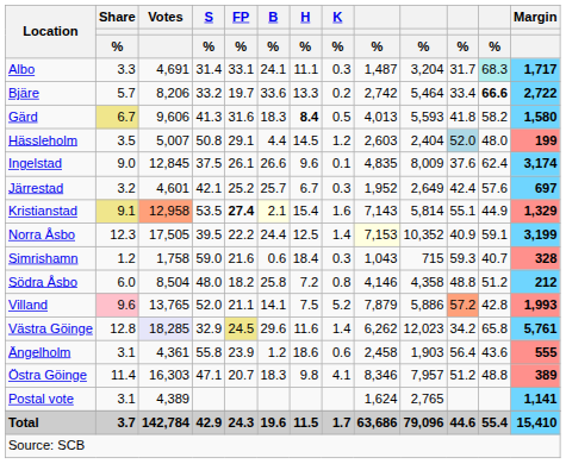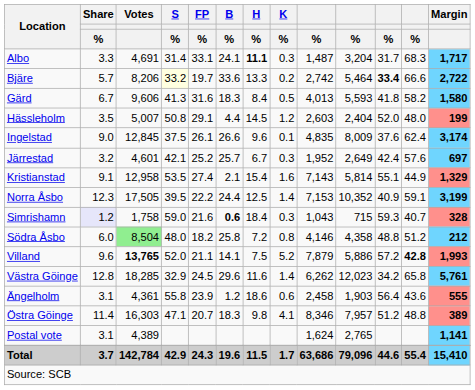 <table class="wikitable sortable" style="text-align:right; font-size:95%; line-height:20px;">
 <tr>
 <th rowspan="3">Location</th>
 <th>Share</th>
 <th>Votes</th>
 <th width="30px" class="unsortable"><a href='#'>S</a></th>
 <th width="30px" class="unsortable"><a href='#'>FP</a></th>
 <th width="30px" class="unsortable"><a href='#'>B</a></th>
 <th width="30px" class="unsortable"><a href='#'>H</a></th>
 <th width="30px" class="unsortable"><a href='#'>K</a></th>
 <th></th>
 <th></th>
 <th></th>
 <th></th>
 <th>Margin</th>
 </tr>
 <tr>
 <th></th>
 <th></th>
 <th style="background:"></th>
 <th style="background:"></th>
 <th style="background:"></th>
 <th style="background:"></th>
 <th style="background:"></th>
 <th style="background:"></th>
 <th style="background:"></th>
 <th style="background:"></th>
 <th style="background:"></th>
 <th></th>
 </tr>
 <tr>
 <th data-sort-type="number">%</th>
 <th></th>
 <th data-sort-type="number">%</th>
 <th data-sort-type="number">%</th>
 <th data-sort-type="number">%</th>
 <th data-sort-type="number">%</th>
 <th data-sort-type="number">%</th>
 <th data-sort-type="number">%</th>
 <th data-sort-type="number">%</th>
 <th data-sort-type="number">%</th>
 <th data-sort-type="number">%</th>
 <th data-sort-type="number"></th>
 </tr>
 <tr>
 <td align=left><a href='#'>Albo</a></td>
 <td>3.3</td>
 <td>4,691</td>
 <td>31.4</td>
 <td>33.1</td>
 <td>24.1</td>
-<td>11.1</td>
+<td><strong>11.1</strong></td>
 <td>0.3</td>
 <td>1,487</td>
 <td>3,204</td>
 <td>31.7</td>
-<td style="background: paleturquoise;">68.3</td>
+<td>68.3</td>
 <td bgcolor=#6fd5fe><strong>1,717</strong></td>
 </tr>
 <tr>
 <td align=left><a href='#'>Bjäre</a></td>
 <td>5.7</td>
 <td>8,206</td>
-<td>33.2</td>
+<td style="background: lightyellow;">33.2</td>
 <td>19.7</td>
 <td>33.6</td>
 <td>13.3</td>
 <td>0.2</td>
 <td>2,742</td>
 <td>5,464</td>
-<td>33.4</td>
-<td><strong>66.6</strong></td>
+<td><strong>33.4</strong></td>
+<td>66.6</td>
 <td bgcolor=#6fd5fe><strong>2,722</strong></td>
 </tr>
 <tr>
 <td align=left><a href='#'>Gärd</a></td>
-<td style="background: khaki;">6.7</td>
+<td>6.7</td>
 <td>9,606</td>
 <td>41.3</td>
 <td>31.6</td>
 <td>18.3</td>
-<td><strong>8.4</strong></td>
+<td>8.4</td>
 <td>0.5</td>
 <td>4,013</td>
 <td>5,593</td>
 <td>41.8</td>
 <td>58.2</td>
 <td bgcolor=#6fd5fe><strong>1,580</strong></td>
 </tr>
 <tr>
 <td align=left><a href='#'>Hässleholm</a></td>
 <td>3.5</td>
 <td>5,007</td>
 <td>50.8</td>
 <td>29.1</td>
 <td>4.4</td>
 <td>14.5</td>
 <td>1.2</td>
 <td>2,603</td>
 <td>2,404</td>
-<td style="background: lightblue;">52.0</td>
+<td>52.0</td>
 <td>48.0</td>
 <td bgcolor=#ff908c><strong>199</strong></td>
 </tr>
 <tr>
 <td align=left><a href='#'>Ingelstad</a></td>
 <td>9.0</td>
 <td>12,845</td>
 <td>37.5</td>
 <td>26.1</td>
 <td>26.6</td>
 <td>9.6</td>
 <td>0.1</td>
 <td>4,835</td>
 <td>8,009</td>
 <td>37.6</td>
 <td>62.4</td>
 <td bgcolor=#6fd5fe><strong>3,174</strong></td>
 </tr>
 <tr>
 <td align=left><a href='#'>Järrestad</a></td>
 <td>3.2</td>
 <td>4,601</td>
 <td>42.1</td>
 <td>25.2</td>
 <td>25.7</td>
 <td>6.7</td>
 <td>0.3</td>
 <td>1,952</td>
 <td>2,649</td>
 <td>42.4</td>
 <td>57.6</td>
 <td bgcolor=#6fd5fe><strong>697</strong></td>
 </tr>
 <tr>
 <td align=left><a href='#'>Kristianstad</a></td>
-<td style="background: khaki;">9.1</td>
-<td style="background: lightsalmon;">12,958</td>
+<td>9.1</td>
+<td>12,958</td>
 <td>53.5</td>
-<td><strong>27.4</strong></td>
-<td style="background: lightyellow;">2.1</td>
+<td>27.4</td>
+<td>2.1</td>
 <td>15.4</td>
 <td>1.6</td>
 <td>7,143</td>
 <td>5,814</td>
 <td>55.1</td>
 <td>44.9</td>
 <td bgcolor=#ff908c><strong>1,329</strong></td>
 </tr>
 <tr>
 <td align=left><a href='#'>Norra Åsbo</a></td>
 <td>12.3</td>
 <td>17,505</td>
 <td>39.5</td>
 <td>22.2</td>
 <td>24.4</td>
 <td>12.5</td>
 <td>1.4</td>
-<td style="background: lightyellow;">7,153</td>
+<td>7,153</td>
 <td>10,352</td>
 <td>40.9</td>
 <td>59.1</td>
 <td bgcolor=#6fd5fe><strong>3,199</strong></td>
 </tr>
 <tr>
 <td align=left><a href='#'>Simrishamn</a></td>
-<td>1.2</td>
+<td style="background: lavender;">1.2</td>
 <td>1,758</td>
 <td>59.0</td>
 <td>21.6</td>
-<td>0.6</td>
+<td><strong>0.6</strong></td>
 <td>18.4</td>
 <td>0.3</td>
 <td>1,043</td>
 <td>715</td>
 <td>59.3</td>
 <td>40.7</td>
 <td bgcolor=#ff908c><strong>328</strong></td>
 </tr>
 <tr>
 <td align=left><a href='#'>Södra Åsbo</a></td>
 <td>6.0</td>
-<td>8,504</td>
+<td style="background: lightgreen;">8,504</td>
 <td>48.0</td>
 <td>18.2</td>
 <td>25.8</td>
 <td>7.2</td>
 <td>0.8</td>
 <td>4,146</td>
 <td>4,358</td>
 <td>48.8</td>
 <td>51.2</td>
 <td bgcolor=#6fd5fe><strong>212</strong></td>
 </tr>
 <tr>
 <td align=left><a href='#'>Villand</a></td>
-<td style="background: pink;">9.6</td>
-<td>13,765</td>
+<td>9.6</td>
+<td><strong>13,765</strong></td>
 <td>52.0</td>
 <td>21.1</td>
 <td>14.1</td>
 <td>7.5</td>
 <td>5.2</td>
 <td>7,879</td>
 <td>5,886</td>
-<td style="background: lightsalmon;">57.2</td>
-<td>42.8</td>
+<td>57.2</td>
+<td><strong>42.8</strong></td>
 <td bgcolor=#ff908c><strong>1,993</strong></td>
 </tr>
 <tr>
 <td align=left><a href='#'>Västra Göinge</a></td>
 <td>12.8</td>
-<td style="background: lavender;">18,285</td>
+<td>18,285</td>
 <td>32.9</td>
-<td style="background: khaki;">24.5</td>
+<td>24.5</td>
 <td>29.6</td>
 <td>11.6</td>
 <td>1.4</td>
 <td>6,262</td>
 <td>12,023</td>
 <td>34.2</td>
 <td>65.8</td>
 <td bgcolor=#6fd5fe><strong>5,761</strong></td>
 </tr>
 <tr>
 <td align=left><a href='#'>Ängelholm</a></td>
 <td>3.1</td>
 <td>4,361</td>
 <td>55.8</td>
 <td>23.9</td>
 <td>1.2</td>
 <td>18.6</td>
 <td>0.6</td>
 <td>2,458</td>
 <td>1,903</td>
 <td>56.4</td>
 <td>43.6</td>
 <td bgcolor=#ff908c><strong>555</strong></td>
 </tr>
 <tr>
 <td align=left><a href='#'>Östra Göinge</a></td>
 <td>11.4</td>
 <td>16,303</td>
 <td>47.1</td>
 <td>20.7</td>
 <td>18.3</td>
 <td>9.8</td>
 <td>4.1</td>
 <td>8,346</td>
 <td>7,957</td>
 <td>51.2</td>
 <td>48.8</td>
 <td bgcolor=#ff908c><strong>389</strong></td>
 </tr>
 <tr>
 <td align=left><a href='#'>Postal vote</a></td>
 <td>3.1</td>
 <td>4,389</td>
 <td></td>
 <td></td>
 <td></td>
 <td></td>
 <td></td>
 <td>1,624</td>
 <td>2,765</td>
 <td></td>
 <td></td>
 <td bgcolor=#6fd5fe><strong>1,141</strong></td>
 </tr>
 <tr>
 </tr>
 <tr style="background:#CDCDCD;">
 <td align=left><strong>Total</strong></td>
 <td><strong>3.7</strong></td>
 <td><strong>142,784</strong></td>
 <td><strong>42.9</strong></td>
 <td><strong>24.3</strong></td>
 <td><strong>19.6</strong></td>
 <td><strong>11.5</strong></td>
 <td><strong>1.7</strong></td>
 <td><strong>63,686</strong></td>
 <td><strong>79,096</strong></td>
 <td><strong>44.6</strong></td>
 <td><strong>55.4</strong></td>
 <td bgcolor=#6fd5fe><strong>15,410</strong></td>
 </tr>
 <tr>
 <td align=left colspan=13>Source: SCB </td>
 </tr>
 </table>
